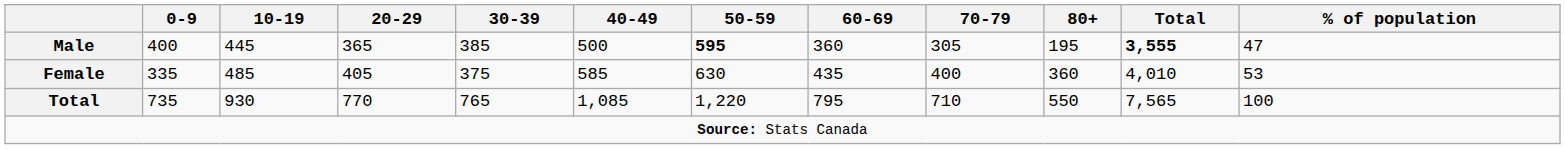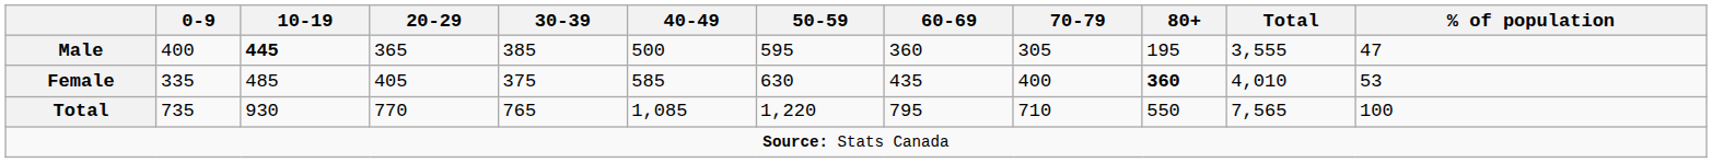 <table class="wikitable" style="width: 75%; margin: 0 auto 0 auto;">
 <tr>
 <th> </th>
 <th>0-9</th>
 <th>10-19</th>
 <th>20-29</th>
 <th>30-39</th>
 <th>40-49</th>
 <th>50-59</th>
 <th>60-69</th>
 <th>70-79</th>
 <th>80+</th>
 <th>Total</th>
 <th>% of population</th>
 </tr>
 <tr>
 <th>Male</th>
 <td>400</td>
-<td>445</td>
+<td><strong>445</strong></td>
 <td>365</td>
 <td>385</td>
 <td>500</td>
-<td><strong>595</strong></td>
+<td>595</td>
 <td>360</td>
 <td>305</td>
 <td>195</td>
-<td><strong>3,555</strong></td>
+<td>3,555</td>
 <td>47</td>
 </tr>
 <tr>
 <th>Female</th>
 <td>335</td>
 <td>485</td>
 <td>405</td>
 <td>375</td>
 <td>585</td>
 <td>630</td>
 <td>435</td>
 <td>400</td>
-<td>360</td>
+<td><strong>360</strong></td>
 <td>4,010</td>
 <td>53</td>
 </tr>
 <tr>
 <th>Total</th>
 <td>735</td>
 <td>930</td>
 <td>770</td>
 <td>765</td>
 <td>1,085</td>
 <td>1,220</td>
 <td>795</td>
 <td>710</td>
 <td>550</td>
 <td>7,565</td>
 <td>100</td>
 </tr>
 <tr>
 <td colspan="15" style="text-align: center;"><small><strong>Source:</strong> Stats Canada</small></td>
 </tr>
 </table>
